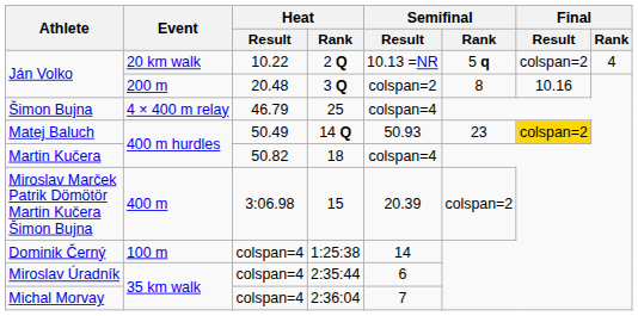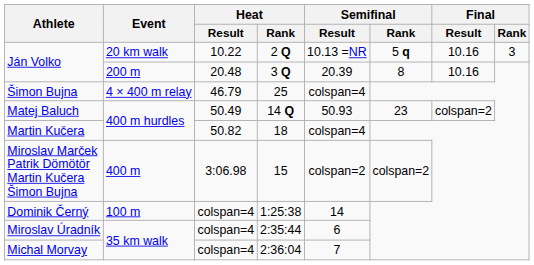 <table class="wikitable" style="font-size:90%">
 <tr>
 <th rowspan="2">Athlete</th>
 <th rowspan="2">Event</th>
 <th colspan="2">Heat</th>
 <th colspan="2">Semifinal</th>
 <th colspan="2">Final</th>
 </tr>
 <tr style="font-size:95%">
 <th>Result</th>
 <th>Rank</th>
 <th>Result</th>
 <th>Rank</th>
 <th>Result</th>
 <th>Rank</th>
 </tr>
 <tr align=center>
 <td align=left rowspan=2><a href='#'>Ján Volko</a></td>
 <td align=left><a href='#'>20 km walk</a></td>
 <td>10.22 </td>
 <td>2 <strong>Q</strong></td>
 <td>10.13 =<a href='#'>NR</a></td>
 <td>5 <strong>q</strong></td>
-<td>colspan=2 </td>
-<td>4</td>
+<td>10.16</td>
+<td>3</td>
 </tr>
 <tr align=center>
 <td align=left><a href='#'>200 m</a></td>
 <td>20.48 </td>
 <td>3 <strong>Q</strong></td>
-<td>colspan=2 </td>
+<td>20.39 </td>
 <td>8</td>
 <td>10.16</td>
 </tr>
 <tr align=center>
 <td align=left><a href='#'>Šimon Bujna</a></td>
 <td align=left><a href='#'>4 × 400 m relay</a></td>
 <td>46.79</td>
 <td>25</td>
 <td>colspan=4 </td>
 </tr>
 <tr align=center>
 <td align=left><a href='#'>Matej Baluch</a></td>
 <td align=left rowspan=2><a href='#'>400 m hurdles</a></td>
 <td>50.49</td>
 <td>14 <strong>Q</strong></td>
 <td>50.93</td>
 <td>23</td>
-<td style="background: gold;">colspan=2 </td>
+<td>colspan=2 </td>
 </tr>
 <tr align=center>
 <td align=left><a href='#'>Martin Kučera</a></td>
 <td>50.82</td>
 <td>18</td>
 <td>colspan=4 </td>
 </tr>
 <tr align=center>
 <td align=left><a href='#'>Miroslav Marček</a><br> <a href='#'>Patrik Dömötör</a><br> <a href='#'>Martin Kučera</a><br> <a href='#'>Šimon Bujna</a></td>
 <td align=left><a href='#'>400 m</a></td>
 <td>3:06.98</td>
 <td>15</td>
-<td>20.39 </td>
+<td>colspan=2 </td>
 <td>colspan=2 </td>
 </tr>
 <tr align=center>
 <td align=left><a href='#'>Dominik Černý</a></td>
 <td align=left><a href='#'>100 m</a></td>
 <td>colspan=4 </td>
 <td>1:25:38</td>
 <td>14</td>
 </tr>
 <tr align=center>
 <td align=left><a href='#'>Miroslav Úradník</a></td>
 <td align=left rowspan=2><a href='#'>35 km walk</a></td>
 <td>colspan=4 </td>
 <td>2:35:44</td>
 <td>6</td>
 </tr>
 <tr align=center>
 <td align=left><a href='#'>Michal Morvay</a></td>
 <td>colspan=4 </td>
 <td>2:36:04</td>
 <td>7</td>
 </tr>
 </table>
